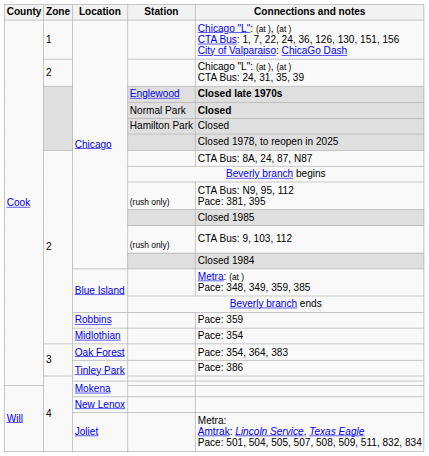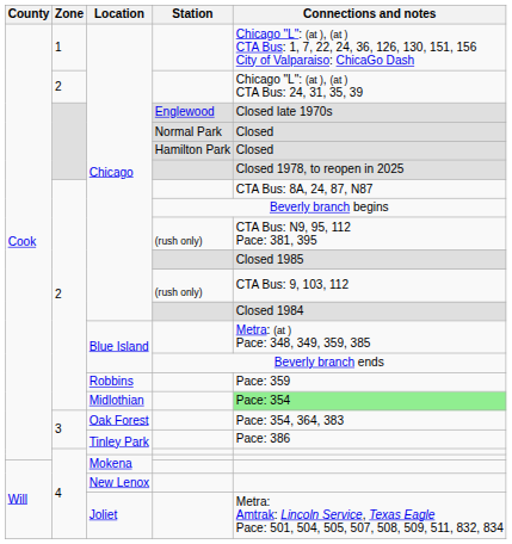 <table class="wikitable">
 <tr>
 <th>County</th>
 <th>Zone</th>
 <th>Location</th>
 <th>Station</th>
 <th>Connections and notes</th>
 </tr>
 <tr>
 <td rowspan=20><a href='#'>Cook</a></td>
 <td>1</td>
 <td rowspan=12><a href='#'>Chicago</a></td>
 <td></td>
 <td> <a href='#'>Chicago "L"</a>:  <small>(at )</small>,     <small>(at )</small><br> <a href='#'>CTA Bus</a>: 1, 7, 22, 24, 36, 126, 130, 151, 156<br> <a href='#'>City of Valparaiso</a>: <a href='#'>ChicaGo Dash</a></td>
 </tr>
 <tr>
 <td>2</td>
 <td></td>
 <td> Chicago "L":  <small>(at )</small>,  <small>(at )</small><br> CTA Bus: 24, 31, 35, 39</td>
 </tr>
 <tr>
 <td bgcolor=dfdfdf rowspan=4> </td>
 <td bgcolor=dfdfdf><a href='#'>Englewood</a></td>
-<td bgcolor=dfdfdf><strong>Closed late 1970s</strong></td>
+<td bgcolor=dfdfdf>Closed late 1970s</td>
 </tr>
 <tr bgcolor=dfdfdf>
 <td>Normal Park</td>
-<td><strong>Closed</strong></td>
+<td>Closed</td>
 </tr>
 <tr bgcolor=dfdfdf>
 <td>Hamilton Park</td>
 <td>Closed</td>
 </tr>
 <tr bgcolor=dfdfdf>
 <td></td>
 <td>Closed 1978, to reopen in 2025</td>
 </tr>
 <tr>
 <td rowspan=10>2</td>
 <td></td>
 <td> CTA Bus: 8A, 24, 87, N87</td>
 </tr>
 <tr>
 <td colspan=2 style="text-align:center;"><a href='#'>Beverly branch</a> begins</td>
 </tr>
 <tr>
 <td><br><small>(rush only)</small></td>
 <td> CTA Bus: N9, 95, 112<br> Pace: 381, 395</td>
 </tr>
 <tr bgcolor=dfdfdf>
 <td></td>
 <td>Closed 1985</td>
 </tr>
 <tr>
 <td><br><small>(rush only)</small></td>
 <td> CTA Bus: 9, 103, 112</td>
 </tr>
 <tr bgcolor=dfdfdf>
 <td></td>
 <td>Closed 1984</td>
 </tr>
 <tr>
 <td rowspan=2><a href='#'>Blue Island</a></td>
 <td></td>
 <td> <a href='#'>Metra</a>:  <small>(at )</small><br> Pace: 348, 349, 359, 385</td>
 </tr>
 <tr>
 <td colspan=2 style="text-align:center;"><a href='#'>Beverly branch</a> ends</td>
 </tr>
 <tr>
 <td><a href='#'>Robbins</a></td>
 <td> </td>
 <td> Pace: 359</td>
 </tr>
 <tr>
 <td><a href='#'>Midlothian</a></td>
 <td></td>
-<td> Pace: 354</td>
+<td style="background: lightgreen;"> Pace: 354</td>
 </tr>
 <tr>
 <td rowspan=2>3</td>
 <td><a href='#'>Oak Forest</a></td>
 <td></td>
 <td> Pace: 354, 364, 383</td>
 </tr>
 <tr>
 <td rowspan=2><a href='#'>Tinley Park</a></td>
 <td></td>
 <td> Pace: 386</td>
 </tr>
 <tr>
 <td rowspan=5>4</td>
 <td></td>
 <td></td>
 </tr>
 <tr>
 <td rowspan=2><a href='#'>Mokena</a></td>
 <td></td>
 <td></td>
 </tr>
 <tr>
 <td rowspan=3><a href='#'>Will</a></td>
 <td></td>
 <td></td>
 </tr>
 <tr>
 <td><a href='#'>New Lenox</a></td>
 <td></td>
 <td></td>
 </tr>
 <tr>
 <td><a href='#'>Joliet</a></td>
 <td></td>
 <td> Metra: <br> <a href='#'>Amtrak</a>: <em><a href='#'>Lincoln Service</a></em>, <em><a href='#'>Texas Eagle</a></em><br> Pace: 501, 504, 505, 507, 508, 509, 511, 832, 834</td>
 </tr>
 </table>
